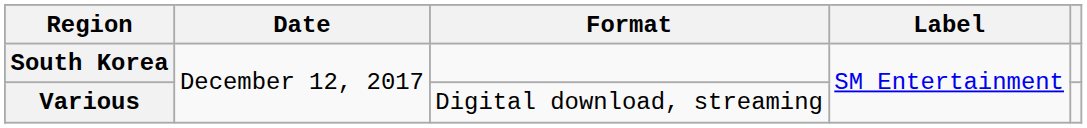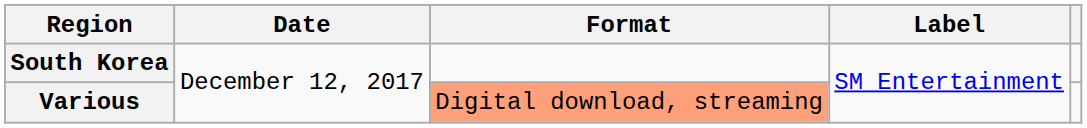 <table class="wikitable plainrowheaders">
 <tr>
 <th>Region</th>
 <th>Date</th>
 <th>Format</th>
 <th>Label</th>
 <th></th>
 </tr>
 <tr>
 <th scope="row">South Korea</th>
 <td rowspan=2>December 12, 2017</td>
 <td></td>
 <td rowspan="2"><a href='#'>SM Entertainment</a></td>
 <td align=center></td>
 </tr>
 <tr>
 <th scope="row">Various</th>
-<td>Digital download, streaming</td>
+<td style="background: lightsalmon;">Digital download, streaming</td>
 <td align=center></td>
 </tr>
 </table>
